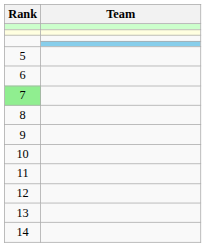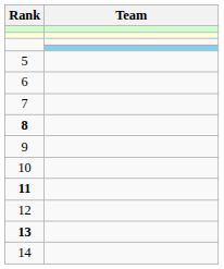 <table class="wikitable" style="text-align:center">
 <tr>
 <th width=40>Rank</th>
 <th width=200>Team</th>
 </tr>
 <tr bgcolor=#ccffcc>
 <td></td>
 <td style="text-align:left"></td>
 </tr>
 <tr bgcolor=#ffffe0>
 <td></td>
 <td style="text-align:left"></td>
 </tr>
 <tr>
 <td rowspan=2></td>
 <td style="text-align:left"></td>
 </tr>
 <tr>
 <td style="text-align:left" bgcolor=#87ceeb></td>
 </tr>
 <tr>
 <td>5</td>
 <td style="text-align:left"></td>
 </tr>
 <tr>
 <td>6</td>
 <td style="text-align:left"></td>
 </tr>
 <tr>
-<td style="background: lightgreen;">7</td>
+<td>7</td>
 <td style="text-align:left"></td>
 </tr>
 <tr>
-<td>8</td>
+<td><strong>8</strong></td>
 <td style="text-align:left"></td>
 </tr>
 <tr>
 <td>9</td>
 <td style="text-align:left"></td>
 </tr>
 <tr>
 <td>10</td>
 <td style="text-align:left"></td>
 </tr>
 <tr>
-<td>11</td>
+<td><strong>11</strong></td>
 <td style="text-align:left"></td>
 </tr>
 <tr>
 <td>12</td>
 <td style="text-align:left"></td>
 </tr>
 <tr>
-<td>13</td>
+<td><strong>13</strong></td>
 <td style="text-align:left"></td>
 </tr>
 <tr>
 <td>14</td>
 <td style="text-align:left"></td>
 </tr>
 </table>
